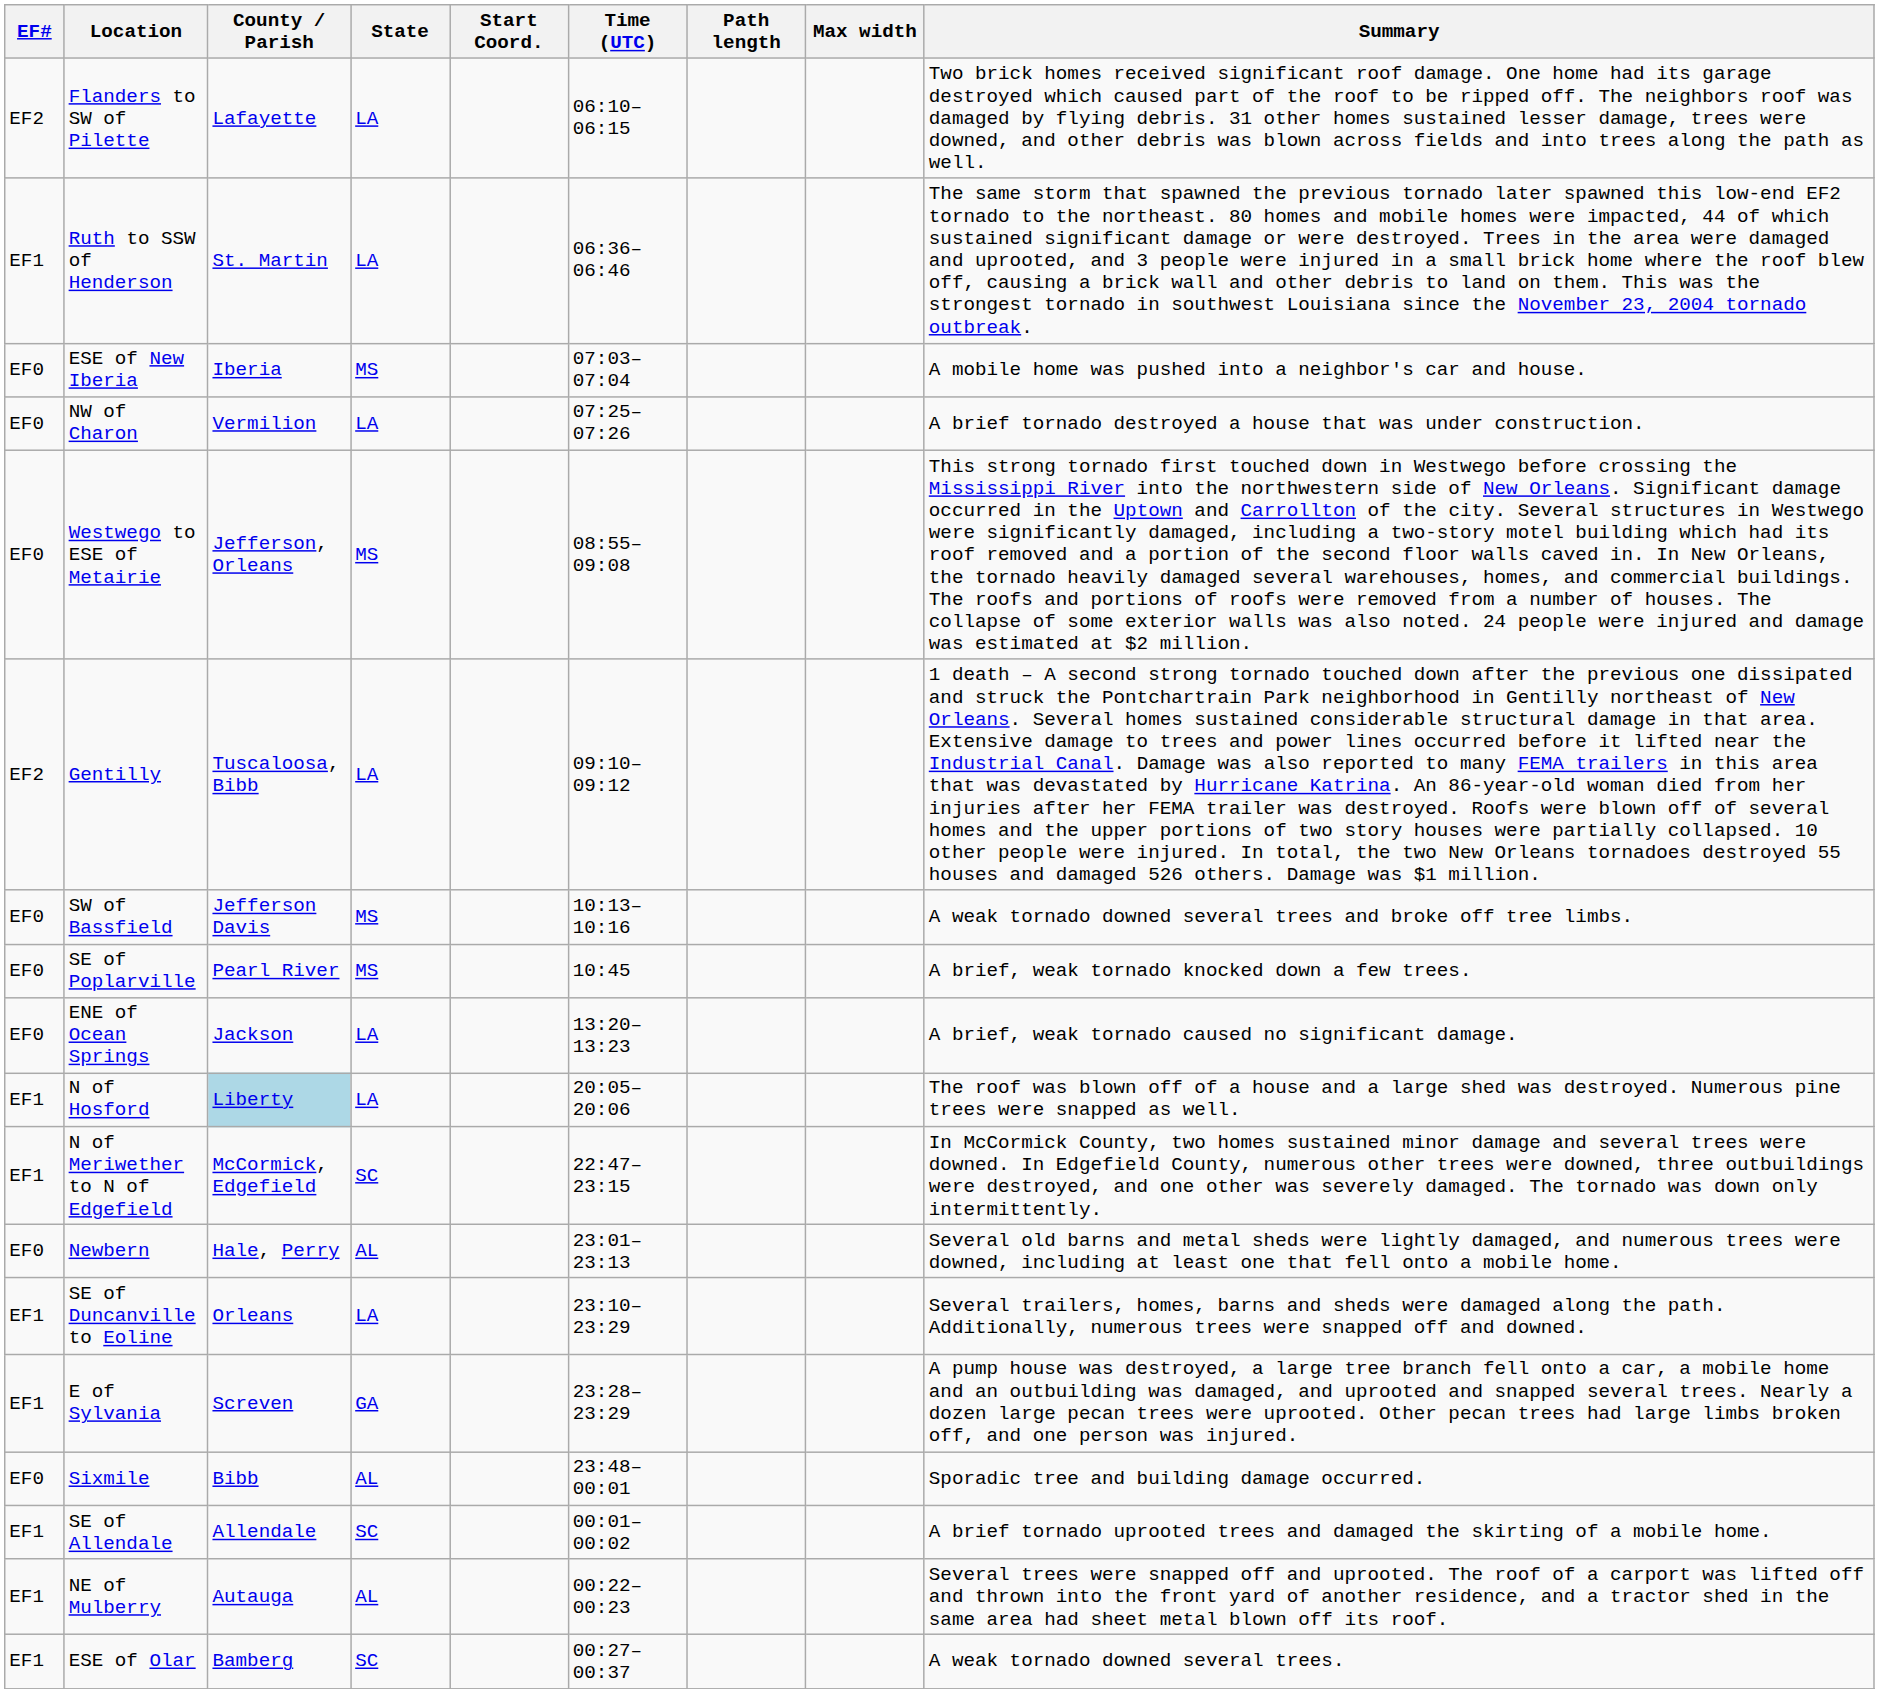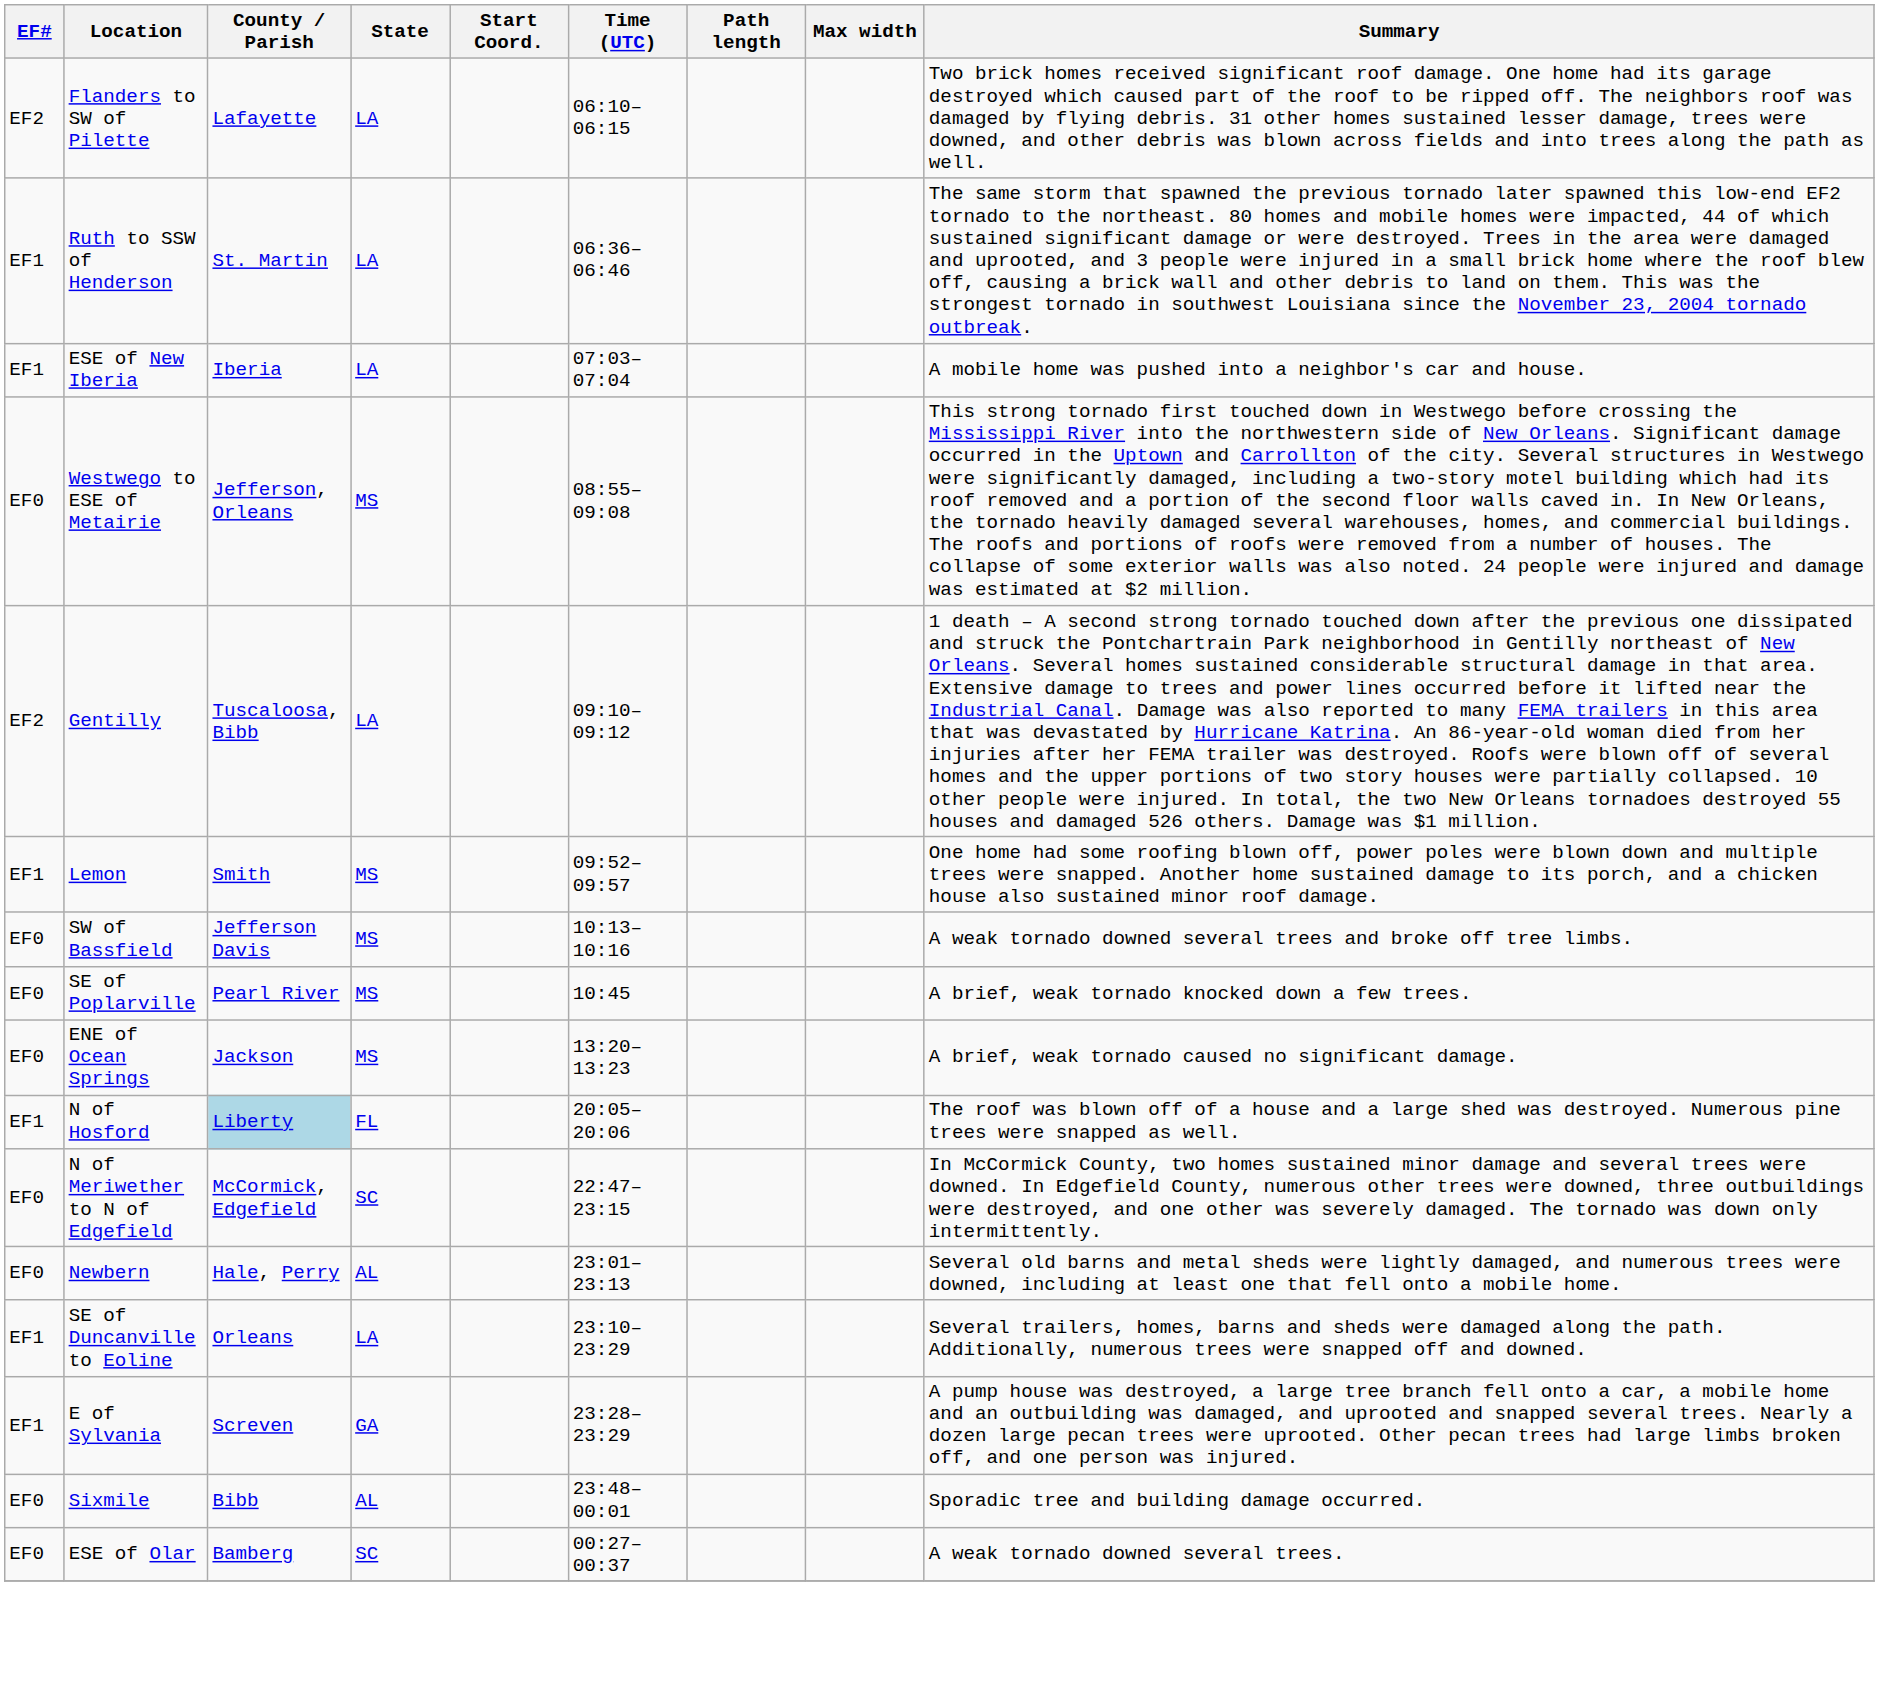 <table class="wikitable sortable" style="width:100%;">
 <tr>
 <th scope="col"  style="width:3%; text-align:center;"><a href='#'>EF#</a></th>
 <th scope="col"  style="width:7%; text-align:center;" class="unsortable">Location</th>
 <th scope="col"  style="width:6%; text-align:center;" class="unsortable">County / Parish</th>
 <th scope="col"  style="width:5%; text-align:center;">State</th>
 <th scope="col"  style="width:6%; text-align:center;">Start Coord.</th>
 <th scope="col"  style="width:6%; text-align:center;">Time (<a href='#'>UTC</a>)</th>
 <th scope="col"  style="width:6%; text-align:center;">Path length</th>
 <th scope="col"  style="width:6%; text-align:center;">Max width</th>
 <th scope="col" class="unsortable" style="width:48%; text-align:center;">Summary</th>
 </tr>
 <tr>
 <td>EF2</td>
 <td><a href='#'>Flanders</a> to SW of <a href='#'>Pilette</a></td>
 <td><a href='#'>Lafayette</a></td>
 <td><a href='#'>LA</a></td>
 <td></td>
 <td>06:10–06:15</td>
 <td></td>
 <td></td>
 <td>Two brick homes received significant roof damage. One home had its garage destroyed which caused part of the roof to be ripped off. The neighbors roof was damaged by flying debris. 31 other homes sustained lesser damage, trees were downed, and other debris was blown across fields and into trees along the path as well.</td>
 </tr>
 <tr>
 <td>EF1</td>
 <td><a href='#'>Ruth</a> to SSW of <a href='#'>Henderson</a></td>
 <td><a href='#'>St. Martin</a></td>
 <td><a href='#'>LA</a></td>
 <td></td>
 <td>06:36–06:46</td>
 <td></td>
 <td></td>
 <td>The same storm that spawned the previous tornado later spawned this low-end EF2 tornado to the northeast. 80 homes and mobile homes were impacted, 44 of which sustained significant damage or were destroyed. Trees in the area were damaged and uprooted, and 3 people were injured in a small brick home where the roof blew off, causing a brick wall and other debris to land on them. This was the strongest tornado in southwest Louisiana since the <a href='#'>November 23, 2004 tornado outbreak</a>.</td>
 </tr>
 <tr>
-<td>EF0</td>
+<td>EF1</td>
 <td>ESE of <a href='#'>New Iberia</a></td>
 <td><a href='#'>Iberia</a></td>
-<td><a href='#'>MS</a></td>
+<td><a href='#'>LA</a></td>
 <td></td>
 <td>07:03–07:04</td>
 <td></td>
 <td></td>
 <td>A mobile home was pushed into a neighbor's car and house.</td>
-</tr>
-<tr>
-<td>EF0</td>
-<td>NW of <a href='#'>Charon</a></td>
-<td><a href='#'>Vermilion</a></td>
-<td><a href='#'>LA</a></td>
-<td></td>
-<td>07:25–07:26</td>
-<td></td>
-<td></td>
-<td>A brief tornado destroyed a house that was under construction.</td>
 </tr>
 <tr>
 <td>EF0</td>
 <td><a href='#'>Westwego</a> to ESE of <a href='#'>Metairie</a></td>
 <td><a href='#'>Jefferson</a>, <a href='#'>Orleans</a></td>
 <td><a href='#'>MS</a></td>
 <td></td>
 <td>08:55–09:08</td>
 <td></td>
 <td></td>
 <td>This strong tornado first touched down in Westwego before crossing the <a href='#'>Mississippi River</a> into the northwestern side of <a href='#'>New Orleans</a>. Significant damage occurred in the <a href='#'>Uptown</a> and <a href='#'>Carrollton</a> of the city. Several structures in Westwego were significantly damaged, including a two-story motel building which had its roof removed and a portion of the second floor walls caved in. In New Orleans, the tornado heavily damaged several warehouses, homes, and commercial buildings. The roofs and portions of roofs were removed from a number of houses. The collapse of some exterior walls was also noted. 24 people were injured and damage was estimated at $2 million.</td>
 </tr>
 <tr>
 <td>EF2</td>
 <td><a href='#'>Gentilly</a></td>
 <td><a href='#'>Tuscaloosa</a>, <a href='#'>Bibb</a></td>
 <td><a href='#'>LA</a></td>
 <td></td>
 <td>09:10–09:12</td>
 <td></td>
 <td></td>
 <td>1 death – A second strong tornado touched down after the previous one dissipated and struck the Pontchartrain Park neighborhood in Gentilly northeast of <a href='#'>New Orleans</a>. Several homes sustained considerable structural damage in that area. Extensive damage to trees and power lines occurred before it lifted near the <a href='#'>Industrial Canal</a>. Damage was also reported to many <a href='#'>FEMA trailers</a> in this area that was devastated by <a href='#'>Hurricane Katrina</a>. An 86-year-old woman died from her injuries after her FEMA trailer was destroyed. Roofs were blown off of several homes and the upper portions of two story houses were partially collapsed. 10 other people were injured. In total, the two New Orleans tornadoes destroyed 55 houses and damaged 526 others. Damage was $1 million.</td>
+</tr>
+<tr>
+<td>EF1</td>
+<td><a href='#'>Lemon</a></td>
+<td><a href='#'>Smith</a></td>
+<td><a href='#'>MS</a></td>
+<td></td>
+<td>09:52–09:57</td>
+<td></td>
+<td></td>
+<td>One home had some roofing blown off, power poles were blown down and multiple trees were snapped. Another home sustained damage to its porch, and a chicken house also sustained minor roof damage.</td>
 </tr>
 <tr>
 <td>EF0</td>
 <td>SW of <a href='#'>Bassfield</a></td>
 <td><a href='#'>Jefferson Davis</a></td>
 <td><a href='#'>MS</a></td>
 <td></td>
 <td>10:13–10:16</td>
 <td></td>
 <td></td>
 <td>A weak tornado downed several trees and broke off tree limbs.</td>
 </tr>
 <tr>
 <td>EF0</td>
 <td>SE of <a href='#'>Poplarville</a></td>
 <td><a href='#'>Pearl River</a></td>
 <td><a href='#'>MS</a></td>
 <td></td>
 <td>10:45</td>
 <td></td>
 <td></td>
 <td>A brief, weak tornado knocked down a few trees.</td>
 </tr>
 <tr>
 <td>EF0</td>
 <td>ENE of <a href='#'>Ocean Springs</a></td>
 <td><a href='#'>Jackson</a></td>
-<td><a href='#'>LA</a></td>
+<td><a href='#'>MS</a></td>
 <td></td>
 <td>13:20–13:23</td>
 <td></td>
 <td></td>
 <td>A brief, weak tornado caused no significant damage.</td>
 </tr>
 <tr>
 <td>EF1</td>
 <td>N of <a href='#'>Hosford</a></td>
 <td style="background: lightblue;"><a href='#'>Liberty</a></td>
-<td><a href='#'>LA</a></td>
+<td><a href='#'>FL</a></td>
 <td></td>
 <td>20:05–20:06</td>
 <td></td>
 <td></td>
 <td>The roof was blown off of a house and a large shed was destroyed. Numerous pine trees were snapped as well.</td>
 </tr>
 <tr>
-<td>EF1</td>
+<td>EF0</td>
 <td>N of <a href='#'>Meriwether</a> to N of <a href='#'>Edgefield</a></td>
 <td><a href='#'>McCormick</a>, <a href='#'>Edgefield</a></td>
 <td><a href='#'>SC</a></td>
 <td></td>
 <td>22:47–23:15</td>
 <td></td>
 <td></td>
 <td>In McCormick County, two homes sustained minor damage and several trees were downed. In Edgefield County, numerous other trees were downed, three outbuildings were destroyed, and one other was severely damaged. The tornado was down only intermittently.</td>
 </tr>
 <tr>
 <td>EF0</td>
 <td><a href='#'>Newbern</a></td>
 <td><a href='#'>Hale</a>, <a href='#'>Perry</a></td>
 <td><a href='#'>AL</a></td>
 <td></td>
 <td>23:01–23:13</td>
 <td></td>
 <td></td>
 <td>Several old barns and metal sheds were lightly damaged, and numerous trees were downed, including at least one that fell onto a mobile home.</td>
 </tr>
 <tr>
 <td>EF1</td>
 <td>SE of <a href='#'>Duncanville</a> to <a href='#'>Eoline</a></td>
 <td><a href='#'>Orleans</a></td>
 <td><a href='#'>LA</a></td>
 <td></td>
 <td>23:10–23:29</td>
 <td></td>
 <td></td>
 <td>Several trailers, homes, barns and sheds were damaged along the path. Additionally, numerous trees were snapped off and downed.</td>
 </tr>
 <tr>
 <td>EF1</td>
 <td>E of <a href='#'>Sylvania</a></td>
 <td><a href='#'>Screven</a></td>
 <td><a href='#'>GA</a></td>
 <td></td>
 <td>23:28–23:29</td>
 <td></td>
 <td></td>
 <td>A pump house was destroyed, a large tree branch fell onto a car, a mobile home and an outbuilding  was damaged, and uprooted and snapped several trees. Nearly a dozen large pecan trees were uprooted. Other pecan trees had large limbs broken off, and one person was injured.</td>
 </tr>
 <tr>
 <td>EF0</td>
 <td><a href='#'>Sixmile</a></td>
 <td><a href='#'>Bibb</a></td>
 <td><a href='#'>AL</a></td>
 <td></td>
 <td>23:48–00:01</td>
 <td></td>
 <td></td>
 <td>Sporadic tree and building damage occurred.</td>
 </tr>
 <tr>
-<td>EF1</td>
-<td>SE of <a href='#'>Allendale</a></td>
-<td><a href='#'>Allendale</a></td>
-<td><a href='#'>SC</a></td>
-<td></td>
-<td>00:01–00:02</td>
-<td></td>
-<td></td>
-<td>A brief tornado uprooted trees and damaged the skirting of a mobile home.</td>
-</tr>
-<tr>
-<td>EF1</td>
-<td>NE of <a href='#'>Mulberry</a></td>
-<td><a href='#'>Autauga</a></td>
-<td><a href='#'>AL</a></td>
-<td></td>
-<td>00:22–00:23</td>
-<td></td>
-<td></td>
-<td>Several trees were snapped off and uprooted. The roof of a carport was lifted off and thrown into the front yard of another residence, and a tractor shed in the same area had sheet metal blown off its roof.</td>
-</tr>
-<tr>
-<td>EF1</td>
+<td>EF0</td>
 <td>ESE of <a href='#'>Olar</a></td>
 <td><a href='#'>Bamberg</a></td>
 <td><a href='#'>SC</a></td>
 <td></td>
 <td>00:27–00:37</td>
 <td></td>
 <td></td>
 <td>A weak tornado downed several trees.</td>
 </tr>
 <tr>
 </tr>
 </table>
